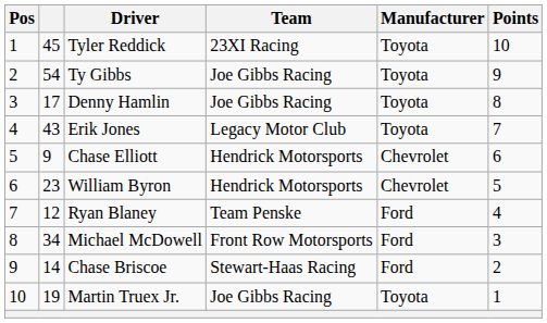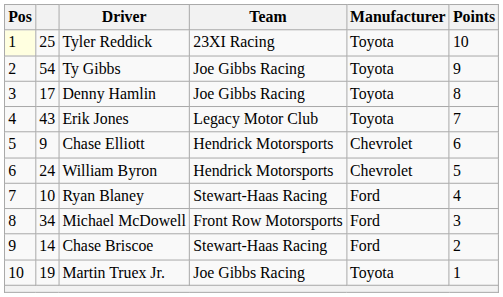 <table class="wikitable" style="font-size:98%">
 <tr>
 <th>Pos</th>
 <th></th>
 <th>Driver</th>
 <th>Team</th>
 <th>Manufacturer</th>
 <th>Points</th>
 </tr>
 <tr>
-<td>1</td>
-<td>45</td>
+<td style="background: lightyellow;">1</td>
+<td>25</td>
 <td>Tyler Reddick</td>
 <td>23XI Racing</td>
 <td>Toyota</td>
 <td>10</td>
 </tr>
 <tr>
 <td>2</td>
 <td>54</td>
 <td>Ty Gibbs</td>
 <td>Joe Gibbs Racing</td>
 <td>Toyota</td>
 <td>9</td>
 </tr>
 <tr>
 <td>3</td>
 <td>17</td>
 <td>Denny Hamlin</td>
 <td>Joe Gibbs Racing</td>
 <td>Toyota</td>
 <td>8</td>
 </tr>
 <tr>
 <td>4</td>
 <td>43</td>
 <td>Erik Jones</td>
 <td>Legacy Motor Club</td>
 <td>Toyota</td>
 <td>7</td>
 </tr>
 <tr>
 <td>5</td>
 <td>9</td>
 <td>Chase Elliott</td>
 <td>Hendrick Motorsports</td>
 <td>Chevrolet</td>
 <td>6</td>
 </tr>
 <tr>
 <td>6</td>
-<td>23</td>
+<td>24</td>
 <td>William Byron</td>
 <td>Hendrick Motorsports</td>
 <td>Chevrolet</td>
 <td>5</td>
 </tr>
 <tr>
 <td>7</td>
-<td>12</td>
+<td>10</td>
 <td>Ryan Blaney</td>
-<td>Team Penske</td>
+<td>Stewart-Haas Racing</td>
 <td>Ford</td>
 <td>4</td>
 </tr>
 <tr>
 <td>8</td>
 <td>34</td>
 <td>Michael McDowell</td>
 <td>Front Row Motorsports</td>
 <td>Ford</td>
 <td>3</td>
 </tr>
 <tr>
 <td>9</td>
 <td>14</td>
 <td>Chase Briscoe</td>
 <td>Stewart-Haas Racing</td>
 <td>Ford</td>
 <td>2</td>
 </tr>
 <tr>
 <td>10</td>
 <td>19</td>
 <td>Martin Truex Jr.</td>
 <td>Joe Gibbs Racing</td>
 <td>Toyota</td>
 <td>1</td>
 </tr>
 <tr>
 <th colspan="6"></th>
 </tr>
 </table>
